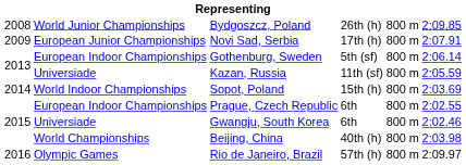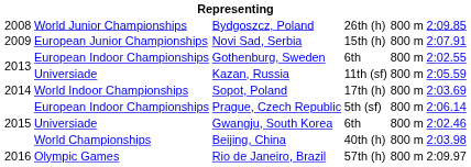 <table>
 <tr>
 <th colspan="6">Representing </th>
 </tr>
 <tr>
 <td>2008</td>
 <td><a href='#'>World Junior Championships</a></td>
 <td><a href='#'>Bydgoszcz, Poland</a></td>
 <td>26th (h)</td>
 <td>800 m</td>
 <td><a href='#'>2:09.85</a></td>
 </tr>
 <tr>
 <td>2009</td>
 <td><a href='#'>European Junior Championships</a></td>
 <td><a href='#'>Novi Sad, Serbia</a></td>
-<td>17th (h)</td>
+<td>15th (h)</td>
 <td>800 m</td>
 <td><a href='#'>2:07.91</a></td>
 </tr>
 <tr>
 <td rowspan=2>2013</td>
 <td><a href='#'>European Indoor Championships</a></td>
 <td><a href='#'>Gothenburg, Sweden</a></td>
-<td>5th (sf)</td>
+<td>6th</td>
 <td>800 m</td>
-<td><a href='#'>2:06.14</a></td>
+<td><a href='#'>2:02.55</a></td>
 </tr>
 <tr>
 <td><a href='#'>Universiade</a></td>
 <td><a href='#'>Kazan, Russia</a></td>
 <td>11th (sf)</td>
 <td>800 m</td>
 <td><a href='#'>2:05.59</a></td>
 </tr>
 <tr>
 <td>2014</td>
 <td><a href='#'>World Indoor Championships</a></td>
 <td><a href='#'>Sopot, Poland</a></td>
-<td>15th (h)</td>
+<td>17th (h)</td>
 <td>800 m</td>
 <td><a href='#'>2:03.69</a></td>
 </tr>
 <tr>
 <td rowspan=3>2015</td>
 <td><a href='#'>European Indoor Championships</a></td>
 <td><a href='#'>Prague, Czech Republic</a></td>
-<td>6th</td>
+<td>5th (sf)</td>
 <td>800 m</td>
-<td><a href='#'>2:02.55</a></td>
+<td><a href='#'>2:06.14</a></td>
 </tr>
 <tr>
 <td><a href='#'>Universiade</a></td>
 <td><a href='#'>Gwangju, South Korea</a></td>
 <td>6th</td>
 <td>800 m</td>
 <td><a href='#'>2:02.46</a></td>
 </tr>
 <tr>
 <td><a href='#'>World Championships</a></td>
 <td><a href='#'>Beijing, China</a></td>
 <td>40th (h)</td>
 <td>800 m</td>
 <td><a href='#'>2:03.98</a></td>
 </tr>
 <tr>
 <td>2016</td>
 <td><a href='#'>Olympic Games</a></td>
 <td><a href='#'>Rio de Janeiro, Brazil</a></td>
 <td>57th (h)</td>
 <td>800 m</td>
 <td>2:09.97</td>
 </tr>
 </table>
